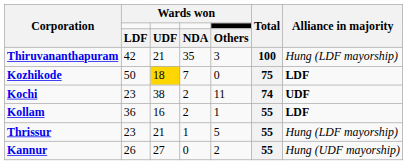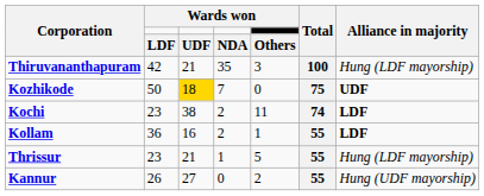 <table class="wikitable mw-collapsible mw-collapsed">
 <tr>
 <th rowspan="3">Corporation</th>
 <th colspan="4">Wards won</th>
 <th rowspan="3">Total</th>
 <th rowspan="3">Alliance in majority</th>
 </tr>
 <tr>
 <td style="background:"></td>
 <td style="background:"></td>
 <td style="background:"></td>
 <td style="background:black"></td>
 </tr>
 <tr>
 <th>LDF</th>
 <th>UDF</th>
 <th>NDA</th>
 <th>Others</th>
 </tr>
 <tr>
 <td><strong><a href='#'>Thiruvananthapuram</a></strong></td>
 <td>42</td>
 <td>21</td>
 <td>35</td>
 <td>3</td>
 <th>100</th>
 <td><em>Hung (LDF mayorship)</em></td>
 </tr>
 <tr>
 <td><strong><a href='#'>Kozhikode</a></strong></td>
 <td>50</td>
 <td style="background: gold;">18</td>
 <td>7</td>
 <td>0</td>
 <th>75</th>
-<td><strong>LDF</strong></td>
+<td><strong>UDF</strong></td>
 </tr>
 <tr>
 <td><strong><a href='#'>Kochi</a></strong></td>
 <td>23</td>
 <td>38</td>
 <td>2</td>
 <td>11</td>
 <th>74</th>
-<td><strong>UDF</strong></td>
+<td><strong>LDF</strong></td>
 </tr>
 <tr>
 <td><strong><a href='#'>Kollam</a></strong></td>
 <td>36</td>
 <td>16</td>
 <td>2</td>
 <td>1</td>
 <th>55</th>
 <td><strong>LDF</strong></td>
 </tr>
 <tr>
 <td><strong><a href='#'>Thrissur</a></strong></td>
 <td>23</td>
 <td>21</td>
 <td>1</td>
 <td>5</td>
 <th>55</th>
 <td><em>Hung (LDF mayorship)</em></td>
 </tr>
 <tr>
 <td><strong><a href='#'>Kannur</a></strong></td>
 <td>26</td>
 <td>27</td>
 <td>0</td>
 <td>2</td>
 <th>55</th>
 <td><em>Hung (UDF mayorship)</em></td>
 </tr>
 </table>
